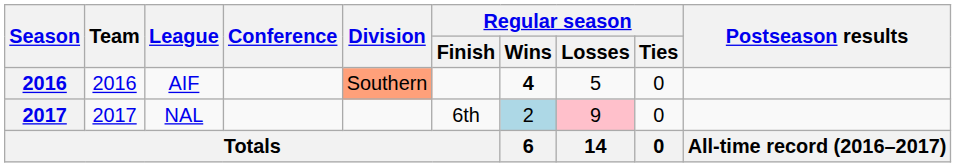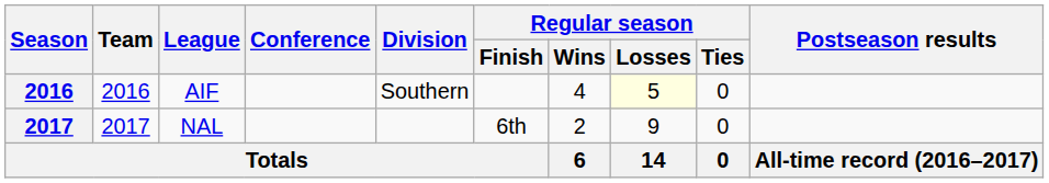 <table class="wikitable" style="text-align:center; font-size: 95%;">
 <tr>
 <th rowspan="2"><a href='#'>Season</a></th>
 <th rowspan="2">Team</th>
 <th rowspan="2"><a href='#'>League</a></th>
 <th rowspan="2"><a href='#'>Conference</a></th>
 <th rowspan="2"><a href='#'>Division</a></th>
 <th colspan="4"><a href='#'>Regular season</a></th>
 <th rowspan="2"><a href='#'>Postseason</a> results</th>
 </tr>
 <tr>
 <th>Finish</th>
 <th>Wins</th>
 <th>Losses</th>
 <th>Ties</th>
 </tr>
 <tr>
 <th><a href='#'>2016</a></th>
 <td><a href='#'>2016</a></td>
 <td><a href='#'>AIF</a></td>
 <td></td>
-<td style="background: lightsalmon;">Southern</td>
+<td>Southern</td>
 <td></td>
-<td><strong>4</strong></td>
-<td>5</td>
+<td>4</td>
+<td style="background: lightyellow;">5</td>
 <td>0</td>
 <td align=left></td>
 </tr>
 <tr>
 <th><a href='#'>2017</a></th>
 <td><a href='#'>2017</a></td>
 <td><a href='#'>NAL</a></td>
 <td></td>
 <td></td>
 <td>6th</td>
-<td style="background: lightblue;">2</td>
-<td style="background: pink;">9</td>
+<td>2</td>
+<td>9</td>
 <td>0</td>
 <td align=left></td>
 </tr>
 <tr>
 <th colspan="6">Totals</th>
 <th>6</th>
 <th>14</th>
 <th>0</th>
 <th colspan="3">All-time record (2016–2017)</th>
 </tr>
 </table>
